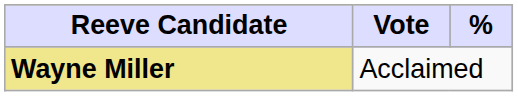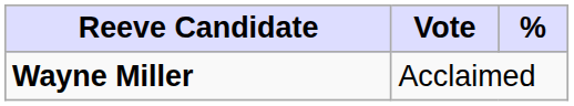 <table class="wikitable">
 <tr>
 <th style="background:#ddf; width:200px;">Reeve Candidate</th>
 <th style="background:#ddf; width:50px;">Vote</th>
 <th style="background:#ddf; width:30px;">%</th>
 </tr>
 <tr>
-<td style="background: khaki;"><strong>Wayne Miller</strong></td>
+<td><strong>Wayne Miller</strong></td>
 <td colspan="2">Acclaimed</td>
 </tr>
 </table>
